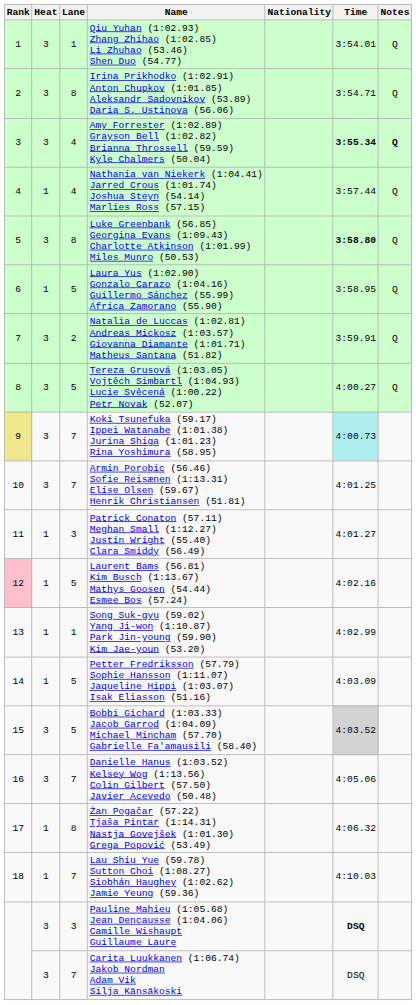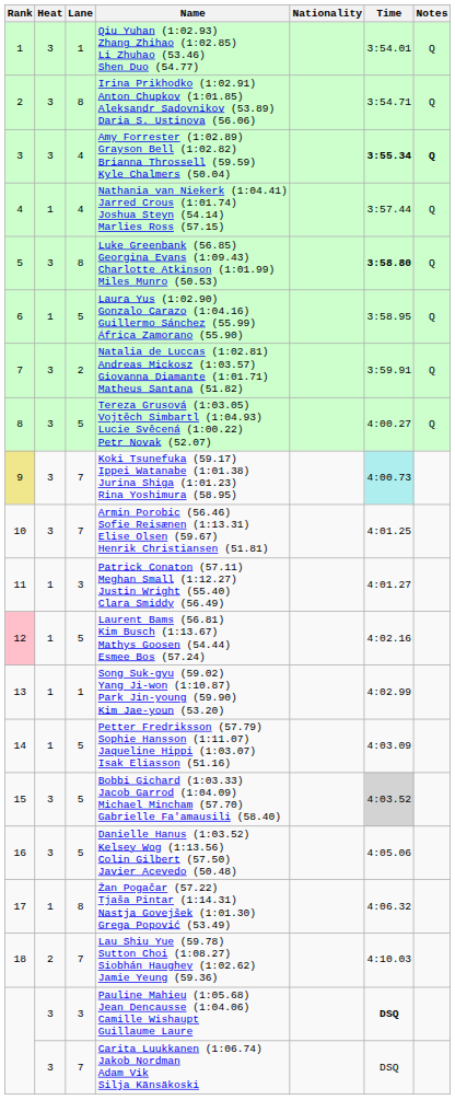 <table class="wikitable sortable" style="text-align:center">
 <tr>
 <th>Rank</th>
 <th>Heat</th>
 <th>Lane</th>
 <th>Name</th>
 <th>Nationality</th>
 <th>Time</th>
 <th>Notes</th>
 </tr>
 <tr bgcolor=ccffcc>
 <td>1</td>
 <td>3</td>
 <td>1</td>
 <td align=left><a href='#'>Qiu Yuhan</a> (1:02.93)<br><a href='#'>Zhang Zhihao</a> (1:02.85)<br><a href='#'>Li Zhuhao</a> (53.46)<br><a href='#'>Shen Duo</a> (54.77)</td>
 <td align=left></td>
 <td>3:54.01</td>
 <td>Q</td>
 </tr>
 <tr bgcolor=ccffcc>
 <td>2</td>
 <td>3</td>
 <td>8</td>
 <td align=left><a href='#'>Irina Prikhodko</a> (1:02.91)<br><a href='#'>Anton Chupkov</a> (1:01.85)<br><a href='#'>Aleksandr Sadovnikov</a> (53.89)<br><a href='#'>Daria S. Ustinova</a> (56.06)</td>
 <td align=left></td>
 <td>3:54.71</td>
 <td>Q</td>
 </tr>
 <tr bgcolor=ccffcc>
 <td>3</td>
 <td>3</td>
 <td>4</td>
 <td align=left><a href='#'>Amy Forrester</a> (1:02.89)<br><a href='#'>Grayson Bell</a> (1:02.82)<br><a href='#'>Brianna Throssell</a> (59.59)<br><a href='#'>Kyle Chalmers</a> (50.04)</td>
 <td align=left></td>
 <td><strong>3:55.34</strong></td>
 <td><strong>Q</strong></td>
 </tr>
 <tr bgcolor=ccffcc>
 <td>4</td>
 <td>1</td>
 <td>4</td>
 <td align=left><a href='#'>Nathania van Niekerk</a> (1:04.41)<br><a href='#'>Jarred Crous</a> (1:01.74)<br><a href='#'>Joshua Steyn</a> (54.14)<br><a href='#'>Marlies Ross</a> (57.15)</td>
 <td align=left></td>
 <td>3:57.44</td>
 <td>Q</td>
 </tr>
 <tr bgcolor=ccffcc>
 <td>5</td>
 <td>3</td>
 <td>8</td>
 <td align=left><a href='#'>Luke Greenbank</a> (56.85)<br><a href='#'>Georgina Evans</a> (1:09.43)<br><a href='#'>Charlotte Atkinson</a> (1:01.99)<br><a href='#'>Miles Munro</a> (50.53)</td>
 <td align=left></td>
 <td><strong>3:58.80</strong></td>
 <td>Q</td>
 </tr>
 <tr bgcolor=ccffcc>
 <td>6</td>
 <td>1</td>
 <td>5</td>
 <td align=left><a href='#'>Laura Yus</a> (1:02.90)<br><a href='#'>Gonzalo Carazo</a> (1:04.16)<br><a href='#'>Guillermo Sánchez</a> (55.99)<br><a href='#'>África Zamorano</a> (55.90)</td>
 <td align=left></td>
 <td>3:58.95</td>
 <td>Q</td>
 </tr>
 <tr bgcolor=ccffcc>
 <td>7</td>
 <td>3</td>
 <td>2</td>
 <td align=left><a href='#'>Natalia de Luccas</a> (1:02.81)<br><a href='#'>Andreas Mickosz</a> (1:03.57)<br><a href='#'>Giovanna Diamante</a> (1:01.71)<br><a href='#'>Matheus Santana</a> (51.82)</td>
 <td align=left></td>
 <td>3:59.91</td>
 <td>Q</td>
 </tr>
 <tr bgcolor=ccffcc>
 <td>8</td>
 <td>3</td>
 <td>5</td>
 <td align=left><a href='#'>Tereza Grusová</a> (1:03.05)<br><a href='#'>Vojtěch Simbartl</a> (1:04.93)<br><a href='#'>Lucie Svěcená</a> (1:00.22)<br><a href='#'>Petr Novak</a> (52.07)</td>
 <td align=left></td>
 <td>4:00.27</td>
 <td>Q</td>
 </tr>
 <tr>
 <td style="background: khaki;">9</td>
 <td>3</td>
 <td>7</td>
 <td align=left><a href='#'>Koki Tsunefuka</a> (59.17)<br><a href='#'>Ippei Watanabe</a> (1:01.38)<br><a href='#'>Jurina Shiga</a> (1:01.23)<br><a href='#'>Rina Yoshimura</a> (58.95)</td>
 <td align=left></td>
 <td style="background: paleturquoise;">4:00.73</td>
 <td></td>
 </tr>
 <tr>
 <td>10</td>
 <td>3</td>
 <td>7</td>
 <td align=left><a href='#'>Armin Porobic</a> (56.46)<br><a href='#'>Sofie Reisænen</a> (1:13.31)<br><a href='#'>Elise Olsen</a> (59.67)<br><a href='#'>Henrik Christiansen</a> (51.81)</td>
 <td align=left></td>
 <td>4:01.25</td>
 <td></td>
 </tr>
 <tr>
 <td>11</td>
 <td>1</td>
 <td>3</td>
 <td align=left><a href='#'>Patrick Conaton</a> (57.11)<br><a href='#'>Meghan Small</a> (1:12.27)<br><a href='#'>Justin Wright</a> (55.40)<br><a href='#'>Clara Smiddy</a> (56.49)</td>
 <td align=left></td>
 <td>4:01.27</td>
 <td></td>
 </tr>
 <tr>
 <td style="background: pink;">12</td>
 <td>1</td>
 <td>5</td>
 <td align=left><a href='#'>Laurent Bams</a> (56.81)<br><a href='#'>Kim Busch</a> (1:13.67)<br><a href='#'>Mathys Goosen</a> (54.44)<br><a href='#'>Esmee Bos</a> (57.24)</td>
 <td align=left></td>
 <td>4:02.16</td>
 <td></td>
 </tr>
 <tr>
 <td>13</td>
 <td>1</td>
 <td>1</td>
 <td align=left><a href='#'>Song Suk-gyu</a> (59.02)<br><a href='#'>Yang Ji-won</a> (1:10.87)<br><a href='#'>Park Jin-young</a> (59.90)<br><a href='#'>Kim Jae-youn</a> (53.20)</td>
 <td align=left></td>
 <td>4:02.99</td>
 <td></td>
 </tr>
 <tr>
 <td>14</td>
 <td>1</td>
 <td>5</td>
 <td align=left><a href='#'>Petter Fredriksson</a> (57.79)<br><a href='#'>Sophie Hansson</a> (1:11.07)<br><a href='#'>Jaqueline Hippi</a> (1:03.07)<br><a href='#'>Isak Eliasson</a> (51.16)</td>
 <td align=left></td>
 <td>4:03.09</td>
 <td></td>
 </tr>
 <tr>
 <td>15</td>
 <td>3</td>
 <td>5</td>
 <td align=left><a href='#'>Bobbi Gichard</a> (1:03.33)<br><a href='#'>Jacob Garrod</a> (1:04.09)<br><a href='#'>Michael Mincham</a> (57.70)<br><a href='#'>Gabrielle Fa'amausili</a> (58.40)</td>
 <td align=left></td>
 <td style="background: lightgrey;">4:03.52</td>
 <td></td>
 </tr>
 <tr>
 <td>16</td>
 <td>3</td>
-<td>7</td>
+<td>5</td>
 <td align=left><a href='#'>Danielle Hanus</a> (1:03.52)<br><a href='#'>Kelsey Wog</a> (1:13.56)<br><a href='#'>Colin Gilbert</a> (57.50)<br><a href='#'>Javier Acevedo</a> (50.48)</td>
 <td align=left></td>
 <td>4:05.06</td>
 <td></td>
 </tr>
 <tr>
 <td>17</td>
 <td>1</td>
 <td>8</td>
 <td align=left><a href='#'>Žan Pogačar</a> (57.22)<br><a href='#'>Tjaša Pintar</a> (1:14.31)<br><a href='#'>Nastja Govejšek</a> (1:01.30)<br><a href='#'>Grega Popović</a> (53.49)</td>
 <td align=left></td>
 <td>4:06.32</td>
 <td></td>
 </tr>
 <tr>
 <td>18</td>
-<td>1</td>
+<td>2</td>
 <td>7</td>
 <td align=left><a href='#'>Lau Shiu Yue</a> (59.78)<br><a href='#'>Sutton Choi</a> (1:08.27)<br><a href='#'>Siobhán Haughey</a> (1:02.62)<br><a href='#'>Jamie Yeung</a> (59.36)</td>
 <td align=left></td>
 <td>4:10.03</td>
 <td></td>
 </tr>
 <tr>
 <td rowspan=2></td>
 <td>3</td>
 <td>3</td>
 <td align=left><a href='#'>Pauline Mahieu</a> (1:05.68)<br><a href='#'>Jean Dencausse</a> (1:04.06)<br><a href='#'>Camille Wishaupt</a> <br><a href='#'>Guillaume Laure</a></td>
 <td align=left></td>
 <td><strong>DSQ</strong></td>
 <td></td>
 </tr>
 <tr>
 <td>3</td>
 <td>7</td>
 <td align=left><a href='#'>Carita Luukkanen</a> (1:06.74)<br><a href='#'>Jakob Nordman</a> <br><a href='#'>Adam Vik</a> <br><a href='#'>Silja Känsäkoski</a></td>
 <td align=left></td>
 <td>DSQ</td>
 <td></td>
 </tr>
 </table>
